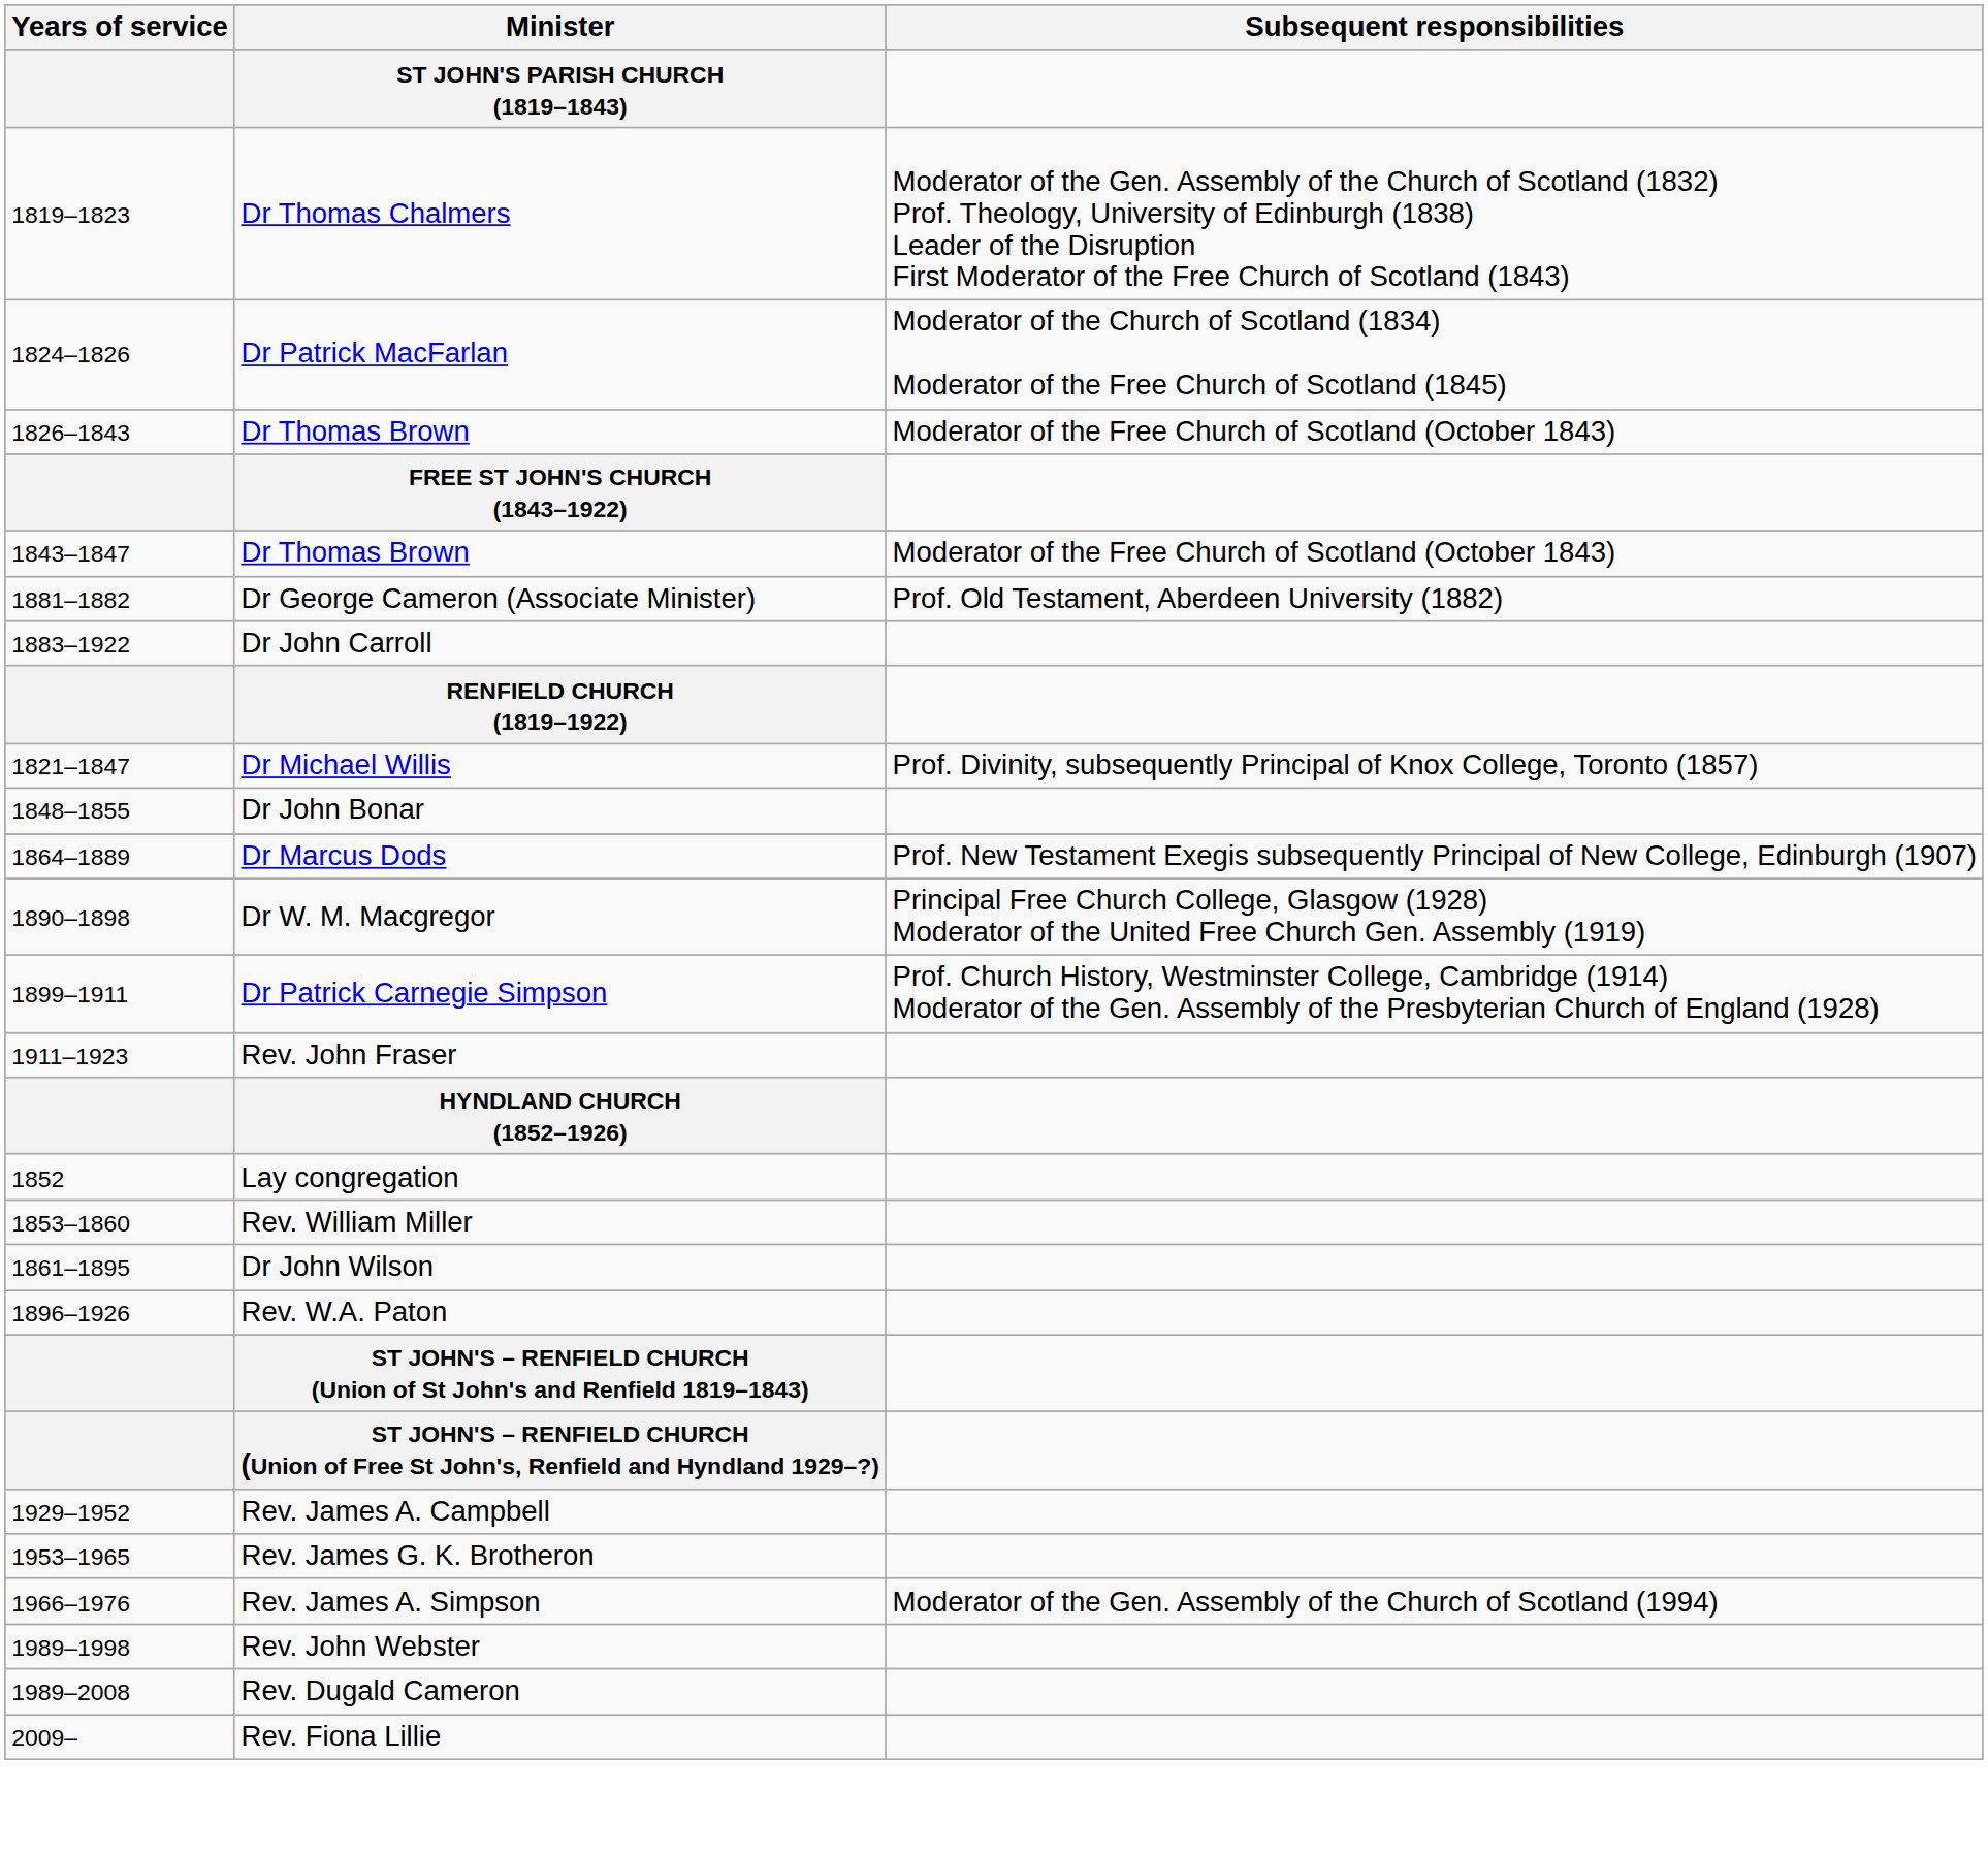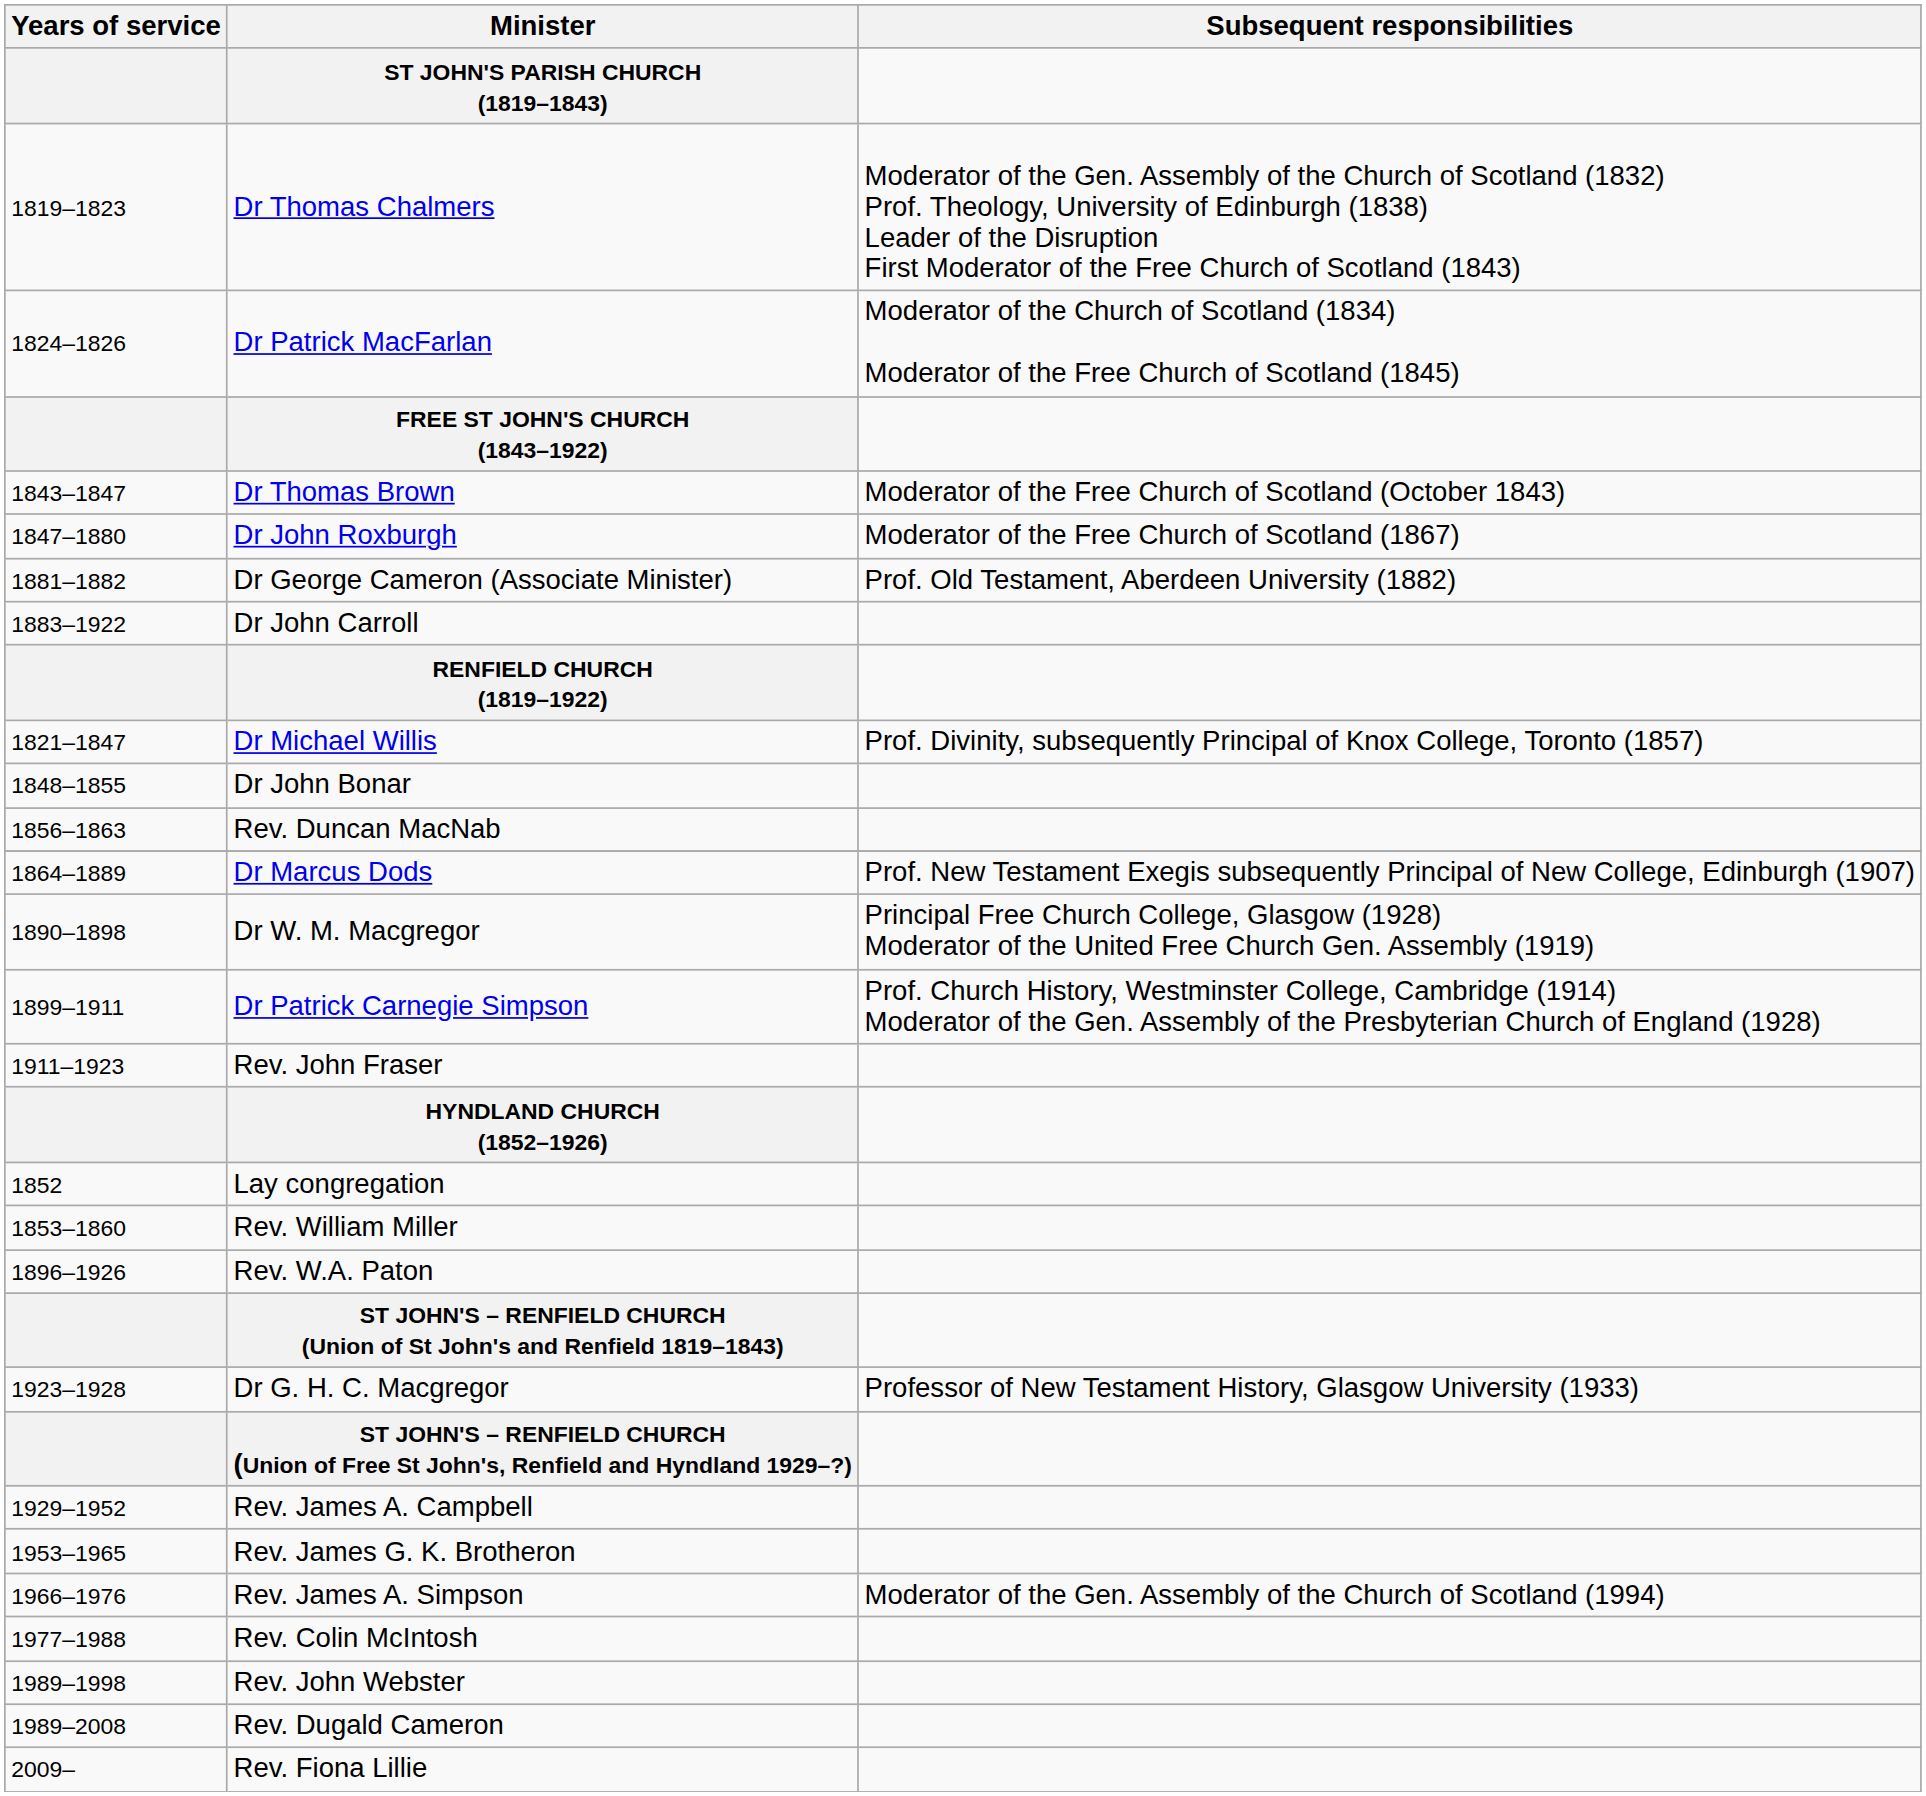 <table class="wikitable">
 <tr>
 <th>Years of service</th>
 <th>Minister</th>
 <th>Subsequent responsibilities</th>
 </tr>
 <tr>
 <th></th>
 <th><small>ST JOHN'S PARISH CHURCH <br>(1819–1843)</small></th>
 <td></td>
 </tr>
 <tr>
 <td><small>1819–1823</small></td>
 <td><a href='#'>Dr Thomas Chalmers</a></td>
 <td><br>Moderator of the Gen. Assembly of the Church of  Scotland (1832) <br> Prof. Theology, University of Edinburgh (1838)<br> Leader of the Disruption <br> First Moderator of the Free Church of Scotland (1843)</td>
 </tr>
 <tr>
 <td><small>1824–1826</small></td>
 <td><a href='#'>Dr Patrick MacFarlan</a></td>
 <td>Moderator of the Church of Scotland (1834)<br><br>Moderator of the Free Church of Scotland (1845)</td>
 </tr>
 <tr>
-<td><small>1826–1843</small></td>
-<td><a href='#'>Dr Thomas Brown</a></td>
-<td>Moderator of the Free Church of Scotland (October 1843)</td>
-</tr>
-<tr>
 <th></th>
 <th><small>FREE ST JOHN'S CHURCH <br>(1843–1922)</small></th>
 <td></td>
 </tr>
 <tr>
 <td><small>1843–1847</small></td>
 <td><a href='#'>Dr Thomas Brown</a></td>
 <td>Moderator of the Free Church of Scotland (October 1843)</td>
+</tr>
+<tr>
+<td><small>1847–1880</small></td>
+<td><a href='#'>Dr John Roxburgh</a></td>
+<td>Moderator of the Free Church of Scotland (1867)</td>
 </tr>
 <tr>
 <td><small>1881–1882</small></td>
 <td>Dr George Cameron (Associate Minister)</td>
 <td>Prof. Old Testament, Aberdeen University (1882)</td>
 </tr>
 <tr>
 <td><small>1883–1922</small></td>
 <td>Dr John Carroll</td>
 <td></td>
 </tr>
 <tr>
 <th></th>
 <th><small>RENFIELD CHURCH <br>(1819–1922)</small></th>
 <td></td>
 </tr>
 <tr>
 <td><small>1821–1847</small></td>
 <td><a href='#'>Dr Michael Willis</a></td>
 <td>Prof. Divinity, subsequently Principal of Knox College, Toronto (1857)</td>
 </tr>
 <tr>
 <td><small>1848–1855</small></td>
 <td>Dr John Bonar</td>
+<td></td>
+</tr>
+<tr>
+<td><small>1856–1863</small></td>
+<td>Rev. Duncan MacNab</td>
 <td></td>
 </tr>
 <tr>
 </tr>
 <tr ||  No minister for 12 months ||  ||>
 </tr>
 <tr>
 <td><small>1864–1889</small></td>
 <td><a href='#'>Dr Marcus Dods</a></td>
 <td>Prof. New Testament Exegis subsequently Principal of New College, Edinburgh (1907)</td>
 </tr>
 <tr>
 <td><small>1890–1898</small></td>
 <td>Dr W. M. Macgregor</td>
 <td>Principal Free Church College, Glasgow (1928)<br>Moderator of the United Free Church Gen. Assembly (1919)</td>
 </tr>
 <tr>
 <td><small>1899–1911</small></td>
 <td><a href='#'>Dr Patrick Carnegie Simpson</a></td>
 <td>Prof. Church History, Westminster College, Cambridge (1914)<br>Moderator of the Gen. Assembly of the Presbyterian Church of England (1928)</td>
 </tr>
 <tr>
 <td><small>1911–1923</small></td>
 <td>Rev. John Fraser</td>
 <td></td>
 </tr>
 <tr>
 <th></th>
 <th><small>HYNDLAND CHURCH <br>(1852–1926)</small></th>
 <td></td>
 </tr>
 <tr>
 <td><small>1852</small></td>
 <td>Lay congregation</td>
 <td></td>
 </tr>
 <tr>
 <td><small>1853–1860</small></td>
 <td>Rev. William Miller</td>
 <td></td>
 </tr>
 <tr>
-<td><small>1861–1895</small></td>
-<td>Dr John Wilson</td>
-<td></td>
-</tr>
-<tr>
 <td><small>1896–1926</small></td>
 <td>Rev. W.A. Paton</td>
 <td></td>
 </tr>
 <tr>
 <th></th>
 <th><small>ST JOHN'S – RENFIELD CHURCH <br>(Union of St John's and Renfield 1819–1843)</small></th>
 <td></td>
+</tr>
+<tr>
+<td><small>1923–1928</small></td>
+<td>Dr G. H. C. Macgregor</td>
+<td>Professor of New Testament History, Glasgow University (1933)</td>
 </tr>
 <tr>
 <th></th>
 <th><small>ST JOHN'S – RENFIELD CHURCH</small><br>(<small>Union of Free St John's, Renfield and Hyndland 1929–?)</small></th>
 <td></td>
 </tr>
 <tr>
 <td><small>1929–1952</small></td>
 <td>Rev. James A. Campbell</td>
 <td></td>
 </tr>
 <tr>
 <td><small>1953–1965</small></td>
 <td>Rev. James G. K. Brotheron</td>
 <td></td>
 </tr>
 <tr>
 <td><small>1966–1976</small></td>
 <td>Rev. James A. Simpson</td>
 <td>Moderator of the Gen. Assembly of the Church of Scotland (1994)</td>
 </tr>
 <tr>
+<td><small>1977–1988</small></td>
+<td>Rev. Colin McIntosh</td>
+<td></td>
+</tr>
+<tr>
 <td><small>1989–1998</small></td>
 <td>Rev. John Webster</td>
 <td></td>
 </tr>
 <tr>
 <td><small>1989–2008</small></td>
 <td>Rev. Dugald Cameron</td>
 <td></td>
 </tr>
 <tr>
 <td><small>2009–</small></td>
 <td>Rev. Fiona Lillie</td>
 <td></td>
 </tr>
 </table>
